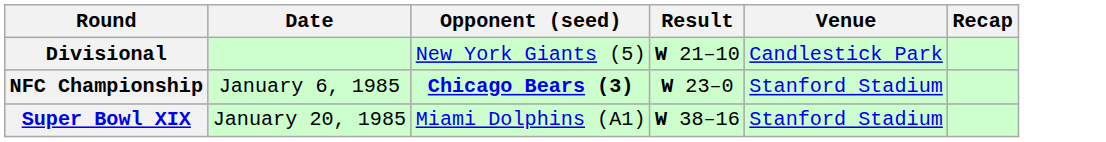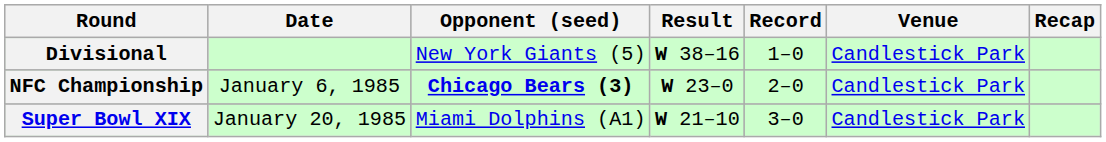 <table class="wikitable" style="text-align:center">
 <tr>
 <th>Round</th>
 <th>Date</th>
 <th>Opponent (seed)</th>
 <th>Result</th>
+<th>Record</th>
 <th>Venue</th>
 <th>Recap</th>
 </tr>
 <tr style="background: #cfc; text-align: center">
 <th>Divisional</th>
 <td></td>
 <td><a href='#'>New York Giants</a> (5)</td>
-<td><strong>W</strong> 21–10</td>
+<td><strong>W</strong> 38–16</td>
+<td>1–0</td>
 <td><a href='#'>Candlestick Park</a></td>
 <td></td>
 </tr>
 <tr style="background: #cfc; text-align: center">
 <th>NFC Championship</th>
 <td>January 6, 1985</td>
 <td><strong><a href='#'>Chicago Bears</a> (3)</strong></td>
 <td><strong>W</strong> 23–0</td>
-<td><a href='#'>Stanford Stadium</a></td>
+<td>2–0</td>
+<td><a href='#'>Candlestick Park</a></td>
 <td></td>
 </tr>
 <tr style="background: #cfc; text-align: center">
 <th><a href='#'>Super Bowl XIX</a></th>
 <td>January 20, 1985</td>
 <td><a href='#'>Miami Dolphins</a> (A1)</td>
-<td><strong>W</strong> 38–16</td>
-<td><a href='#'>Stanford Stadium</a></td>
+<td><strong>W</strong> 21–10</td>
+<td>3–0</td>
+<td><a href='#'>Candlestick Park</a></td>
 <td></td>
 </tr>
 </table>
